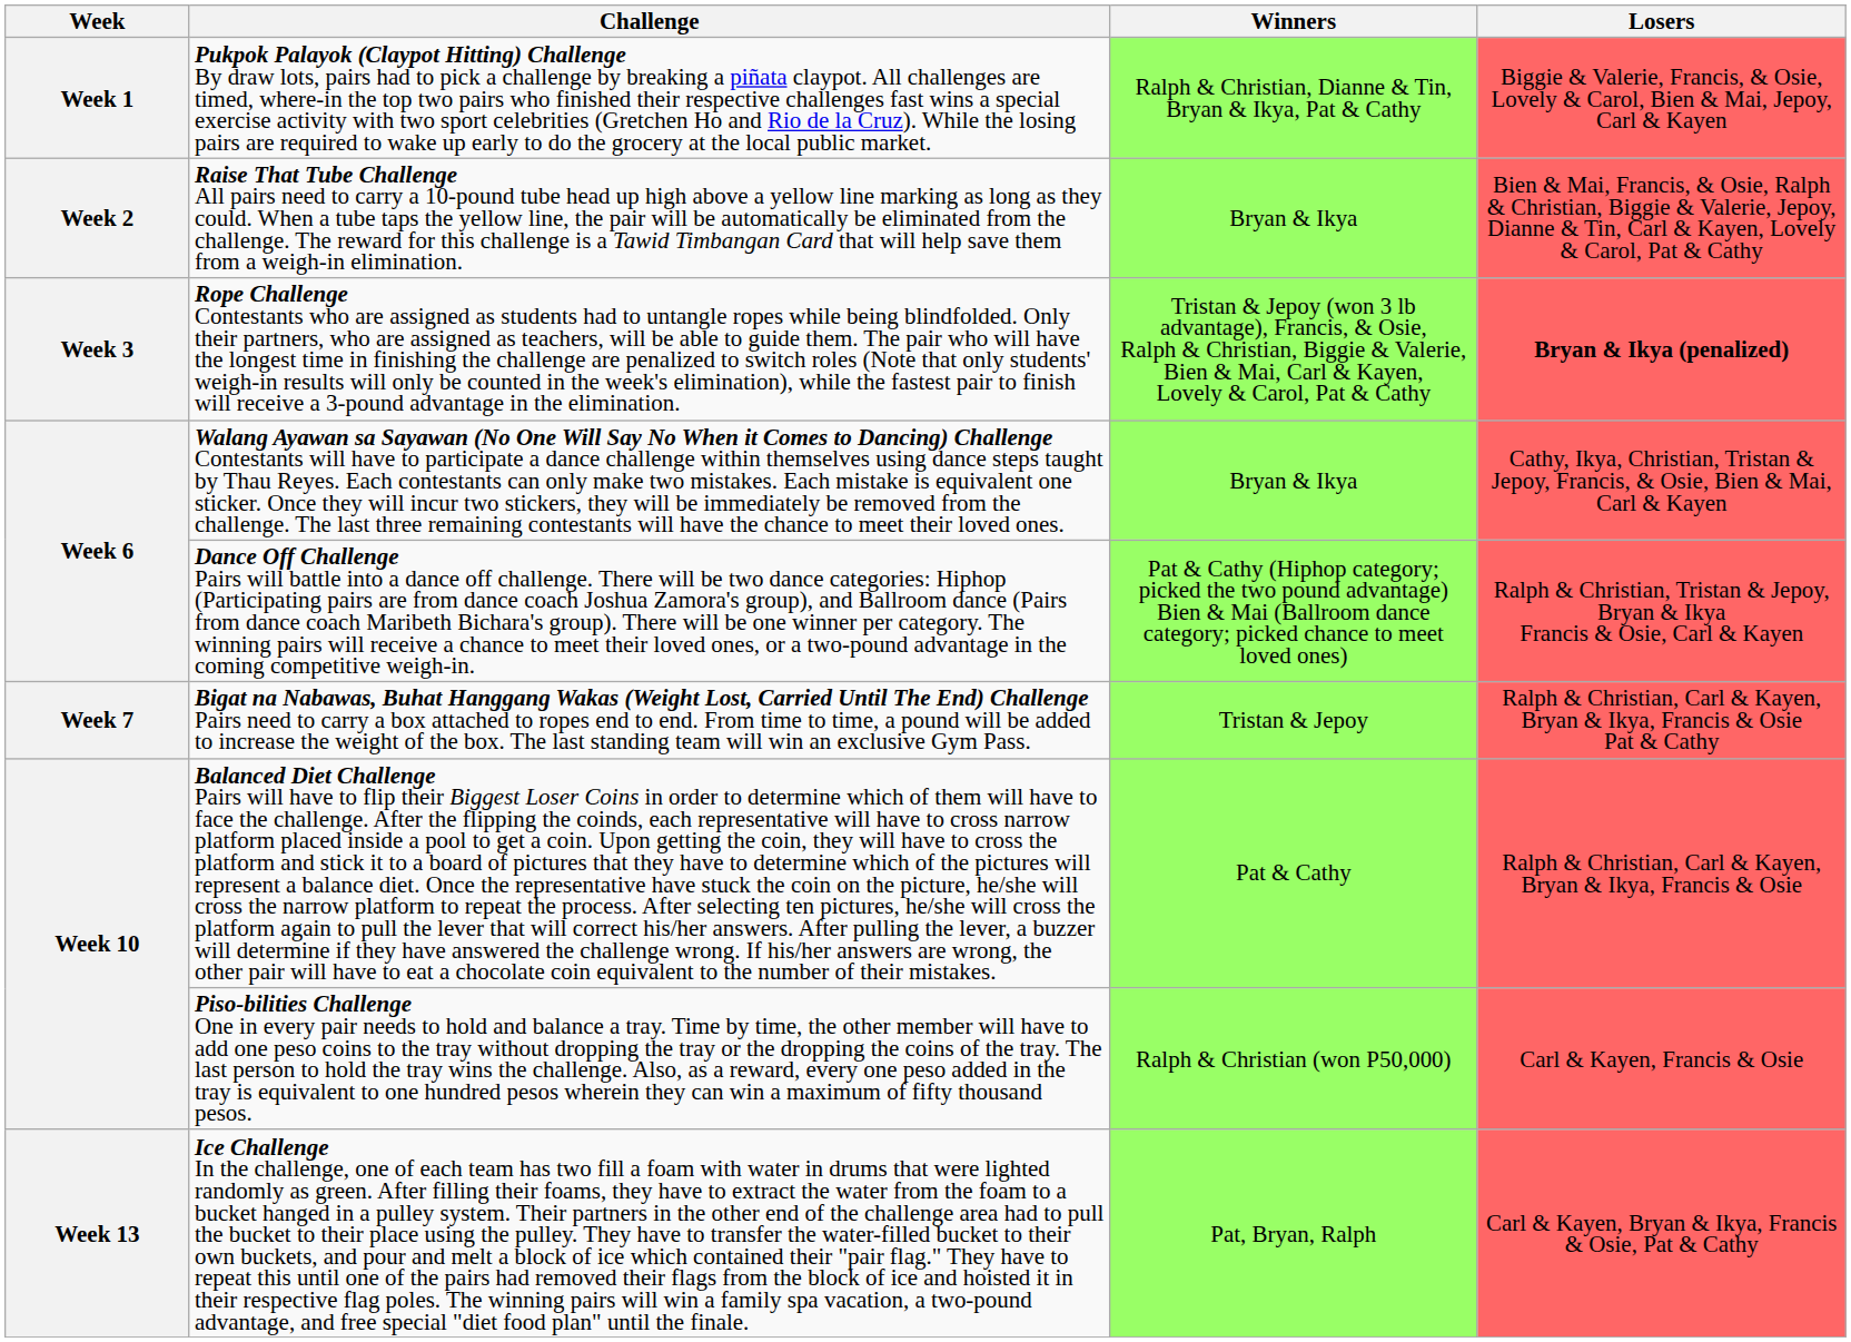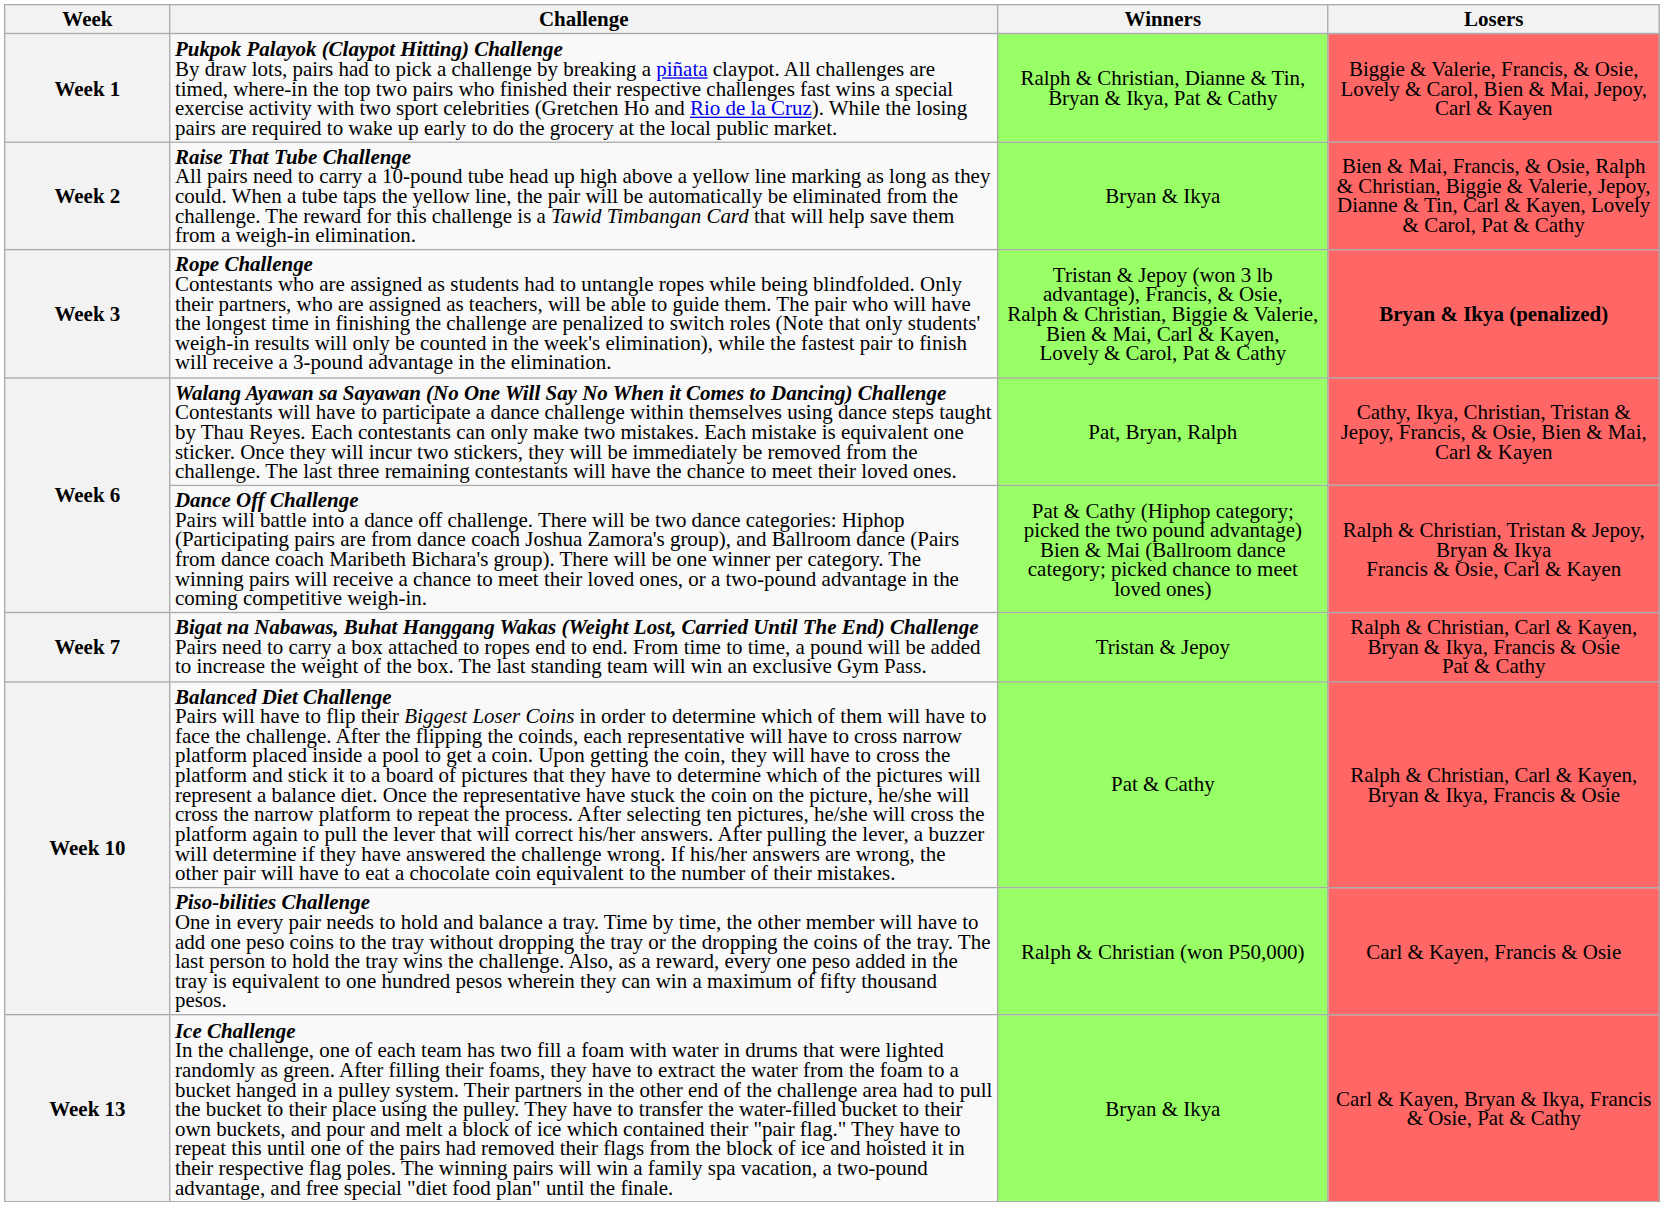 <table class="wikitable" style="text-align:center; line-height:15px; font-size:100%; width:100%;">
 <tr>
 <th scope="col" width="10%">Week</th>
 <th scope="col" width="50%">Challenge</th>
 <th scope="col" width="20%">Winners</th>
 <th scope="col" width="20%">Losers</th>
 </tr>
 <tr>
 <th>Week 1</th>
 <td valign="top" style="text-align:left;"><strong><em>Pukpok Palayok (Claypot Hitting) Challenge</em></strong><br>By draw lots, pairs had to pick a challenge by breaking a <a href='#'>piñata</a> claypot. All challenges are timed, where-in the top two pairs who finished their respective challenges fast wins a special exercise activity with two sport celebrities (Gretchen Ho and <a href='#'>Rio de la Cruz</a>). While the losing pairs are required to wake up early to do the grocery at the local public market.</td>
 <td style="background:#99FF66;">Ralph & Christian, Dianne & Tin, Bryan & Ikya, Pat & Cathy</td>
 <td style="background:#FF6666;">Biggie & Valerie, Francis, & Osie, Lovely & Carol, Bien & Mai, Jepoy, Carl & Kayen</td>
 </tr>
 <tr>
 <th>Week 2</th>
 <td valign="top" style="text-align:left;"><strong><em>Raise That Tube Challenge</em></strong><br>All pairs need to carry a 10-pound tube head up high above a yellow line marking as long as they could. When a tube taps the yellow line, the pair will be automatically be eliminated from the challenge. The reward for this challenge is a <em>Tawid Timbangan Card</em> that will help save them from a weigh-in elimination.</td>
 <td style="background:#99FF66;">Bryan & Ikya</td>
 <td style="background:#FF6666;">Bien & Mai, Francis, & Osie, Ralph & Christian, Biggie & Valerie, Jepoy, Dianne & Tin, Carl & Kayen, Lovely & Carol, Pat & Cathy</td>
 </tr>
 <tr>
 <th>Week 3</th>
 <td valign="top" style="text-align:left;"><strong><em>Rope Challenge</em></strong><br>Contestants who are assigned as students had to untangle ropes while being blindfolded. Only their partners, who are assigned as teachers, will be able to guide them. The pair who will have the longest time in finishing the challenge are penalized to switch roles (Note that only students' weigh-in results will only be counted in the week's elimination), while the fastest pair to finish will receive a 3-pound advantage in the elimination.</td>
 <td style="background:#99FF66;">Tristan & Jepoy (won 3 lb advantage), Francis, & Osie,<br>Ralph & Christian, Biggie & Valerie,<br>Bien & Mai, Carl & Kayen,<br> Lovely & Carol, Pat & Cathy</td>
 <td style="background:#FF6666;"><strong>Bryan & Ikya (penalized)</strong></td>
 </tr>
 <tr>
 <th rowspan="2">Week 6</th>
 <td valign="top" style="text-align:left;"><strong><em>Walang Ayawan sa Sayawan (No One Will Say No When it Comes to Dancing) Challenge</em></strong><br>Contestants will have to participate a dance challenge within themselves using dance steps taught by Thau Reyes. Each contestants can only make two mistakes. Each mistake is equivalent one sticker. Once they will incur two stickers, they will be immediately be removed from the challenge. The last three remaining contestants will have the chance to meet their loved ones.</td>
-<td style="background:#99FF66;">Bryan & Ikya</td>
+<td style="background:#99FF66;">Pat, Bryan, Ralph</td>
 <td style="background:#FF6666;">Cathy, Ikya, Christian, Tristan & Jepoy, Francis, & Osie, Bien & Mai, Carl & Kayen</td>
 </tr>
 <tr>
 <td valign="top" style="text-align:left;"><strong><em>Dance Off Challenge</em></strong><br>Pairs will battle into a dance off challenge. There will be two dance categories: Hiphop (Participating pairs are from dance coach Joshua Zamora's group), and Ballroom dance (Pairs from dance coach Maribeth Bichara's group). There will be one winner per category. The winning pairs will receive a chance to meet their loved ones, or a two-pound advantage in the coming competitive weigh-in.</td>
 <td style="background:#99FF66;">Pat & Cathy (Hiphop category; picked the two pound advantage)<br>Bien & Mai (Ballroom dance category; picked chance to meet loved ones)</td>
 <td style="background:#FF6666;">Ralph & Christian, Tristan & Jepoy, Bryan & Ikya<br>Francis & Osie, Carl & Kayen</td>
 </tr>
 <tr>
 <th>Week 7</th>
 <td valign="top" style="text-align:left;"><strong><em>Bigat na Nabawas, Buhat Hanggang Wakas (Weight Lost, Carried Until The End) Challenge</em></strong><br>Pairs need to carry a box attached to ropes end to end. From time to time, a pound will be added to increase the weight of the box. The last standing team will win an exclusive Gym Pass.</td>
 <td style="background:#99FF66;">Tristan & Jepoy</td>
 <td style="background:#FF6666;">Ralph & Christian, Carl & Kayen, Bryan & Ikya, Francis & Osie<br>Pat & Cathy</td>
 </tr>
 <tr>
 <th rowspan="2">Week 10</th>
 <td valign="top" style="text-align:left;"><strong><em>Balanced Diet Challenge</em></strong><br>Pairs will have to flip their <em>Biggest Loser Coins</em> in order to determine which of them will have to face the challenge. After the flipping the coinds, each representative will have to cross narrow platform placed inside a pool to get a coin. Upon getting the coin, they will have to cross the platform and stick it to a board of pictures that they have to determine which of the pictures will represent a balance diet. Once the representative have stuck the coin on the picture, he/she will cross the narrow platform to repeat the process. After selecting ten pictures, he/she will cross the platform again to pull the lever that will correct his/her answers. After pulling the lever, a buzzer will determine if they have answered the challenge wrong. If his/her answers are wrong, the other pair will have to eat a chocolate coin equivalent to the number of their mistakes.</td>
 <td style="background:#99FF66;">Pat & Cathy</td>
 <td style="background:#FF6666;">Ralph & Christian, Carl & Kayen, Bryan & Ikya, Francis & Osie</td>
 </tr>
 <tr>
 <td valign="top" style="text-align:left;"><strong><em>Piso-bilities Challenge</em></strong><br>One in every pair needs to hold and balance a tray. Time by time, the other member will have to add one peso coins to the tray without dropping the tray or the dropping the coins of the tray. The last person to hold the tray wins the challenge. Also, as a reward, every one peso added in the tray is equivalent to one hundred pesos wherein they can win a maximum of fifty thousand pesos.</td>
 <td style="background:#99FF66;">Ralph & Christian (won P50,000)</td>
 <td style="background:#FF6666;">Carl & Kayen, Francis & Osie</td>
 </tr>
 <tr>
 <th>Week 13</th>
 <td valign="top" style="text-align:left;"><strong><em>Ice Challenge</em></strong><br>In the challenge, one of each team has two fill a foam with water in drums that were lighted randomly as green. After filling their foams, they have to extract the water from the foam to a bucket hanged in a pulley system. Their partners in the other end of the challenge area had to pull the bucket to their place using the pulley. They have to transfer the water-filled bucket to their own buckets, and pour and melt a block of ice which contained their "pair flag." They have to repeat this until one of the pairs had removed their flags from the block of ice and hoisted it in their respective flag poles. The winning pairs will win a family spa vacation, a two-pound advantage, and free special "diet food plan" until the finale.</td>
-<td style="background:#99FF66;">Pat, Bryan, Ralph</td>
+<td style="background:#99FF66;">Bryan & Ikya</td>
 <td style="background:#FF6666;">Carl & Kayen, Bryan & Ikya, Francis & Osie, Pat & Cathy</td>
 </tr>
 <tr>
 </tr>
 </table>
